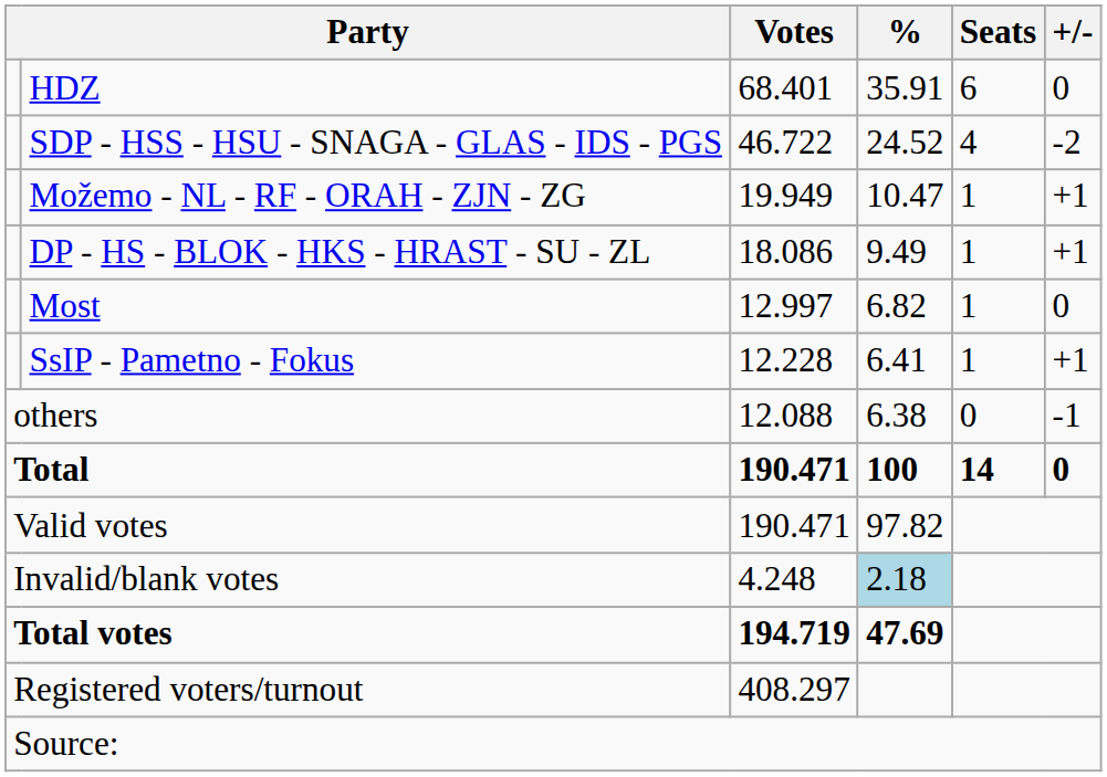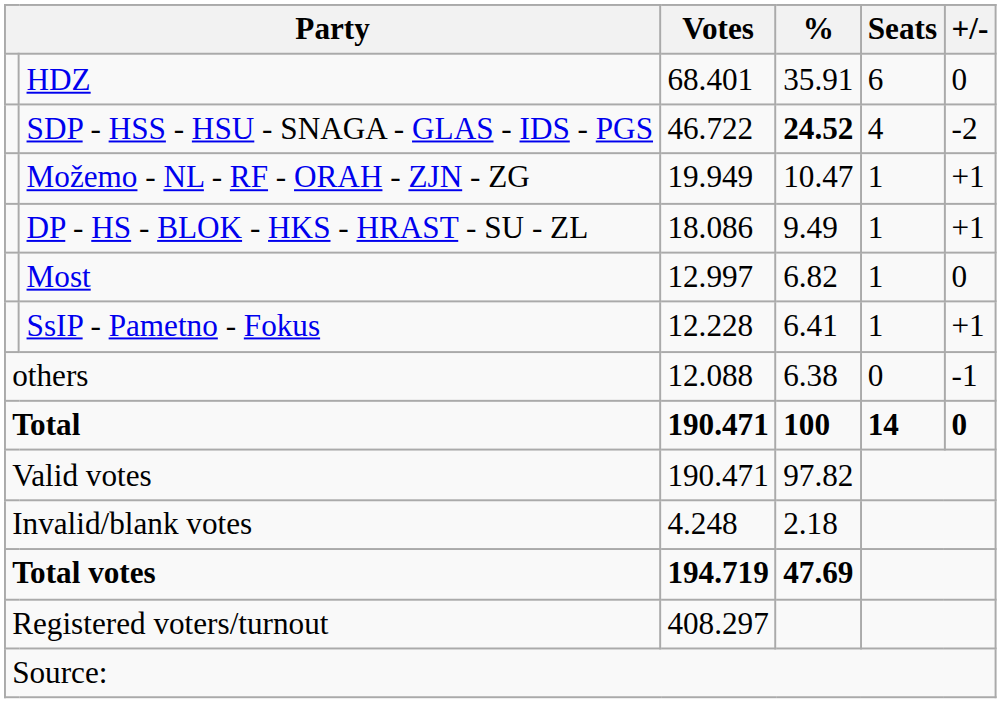 <table class="wikitable" style="text-align: left;">
 <tr>
 <th colspan="2">Party</th>
 <th>Votes</th>
 <th>%</th>
 <th>Seats</th>
 <th>+/-</th>
 </tr>
 <tr>
 <td style="background-color: "></td>
 <td><a href='#'>HDZ</a></td>
 <td>68.401</td>
 <td>35.91</td>
 <td>6</td>
 <td>0</td>
 </tr>
 <tr>
 <td style="background-color: "></td>
 <td><a href='#'>SDP</a> - <a href='#'>HSS</a> - <a href='#'>HSU</a> - SNAGA - <a href='#'>GLAS</a> - <a href='#'>IDS</a> - <a href='#'>PGS</a></td>
 <td>46.722</td>
-<td>24.52</td>
+<td><strong>24.52</strong></td>
 <td>4</td>
 <td>-2</td>
 </tr>
 <tr>
 <td style="background-color: "></td>
 <td><a href='#'>Možemo</a> - <a href='#'>NL</a> - <a href='#'>RF</a> - <a href='#'>ORAH</a> - <a href='#'>ZJN</a> - ZG</td>
 <td>19.949</td>
 <td>10.47</td>
 <td>1</td>
 <td>+1</td>
 </tr>
 <tr>
 <td style="background-color: "></td>
 <td><a href='#'>DP</a> - <a href='#'>HS</a> - <a href='#'>BLOK</a> - <a href='#'>HKS</a> - <a href='#'>HRAST</a> - SU - ZL</td>
 <td>18.086</td>
 <td>9.49</td>
 <td>1</td>
 <td>+1</td>
 </tr>
 <tr>
 <td style="background-color: "></td>
 <td><a href='#'>Most</a></td>
 <td>12.997</td>
 <td>6.82</td>
 <td>1</td>
 <td>0</td>
 </tr>
 <tr>
 <td style="background-color: "></td>
 <td><a href='#'>SsIP</a> - <a href='#'>Pametno</a> - <a href='#'>Fokus</a></td>
 <td>12.228</td>
 <td>6.41</td>
 <td>1</td>
 <td>+1</td>
 </tr>
 <tr>
 <td colspan="2">others</td>
 <td>12.088</td>
 <td>6.38</td>
 <td>0</td>
 <td>-1</td>
 </tr>
 <tr>
 <td colspan="2"><strong>Total</strong></td>
 <td><strong>190.471</strong></td>
 <td><strong>100</strong></td>
 <td><strong>14</strong></td>
 <td><strong>0</strong></td>
 </tr>
 <tr>
 <td colspan="2">Valid votes</td>
 <td>190.471</td>
 <td>97.82</td>
 <td colspan="2"></td>
 </tr>
 <tr>
 <td colspan="2">Invalid/blank votes</td>
 <td>4.248</td>
-<td style="background: lightblue;">2.18</td>
+<td>2.18</td>
 <td colspan="2"></td>
 </tr>
 <tr>
 <td colspan="2"><strong>Total votes</strong></td>
 <td><strong>194.719</strong></td>
 <td><strong>47.69</strong></td>
 <td colspan="2"></td>
 </tr>
 <tr>
 <td colspan="2">Registered voters/turnout</td>
 <td votes14="5343">408.297</td>
 <td></td>
 <td colspan="2"></td>
 </tr>
 <tr>
 <td colspan="6">Source: </td>
 </tr>
 </table>
